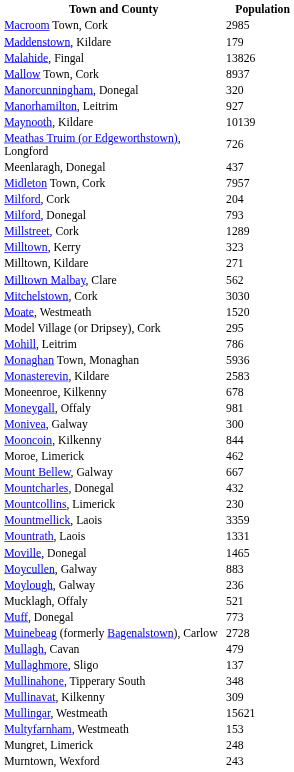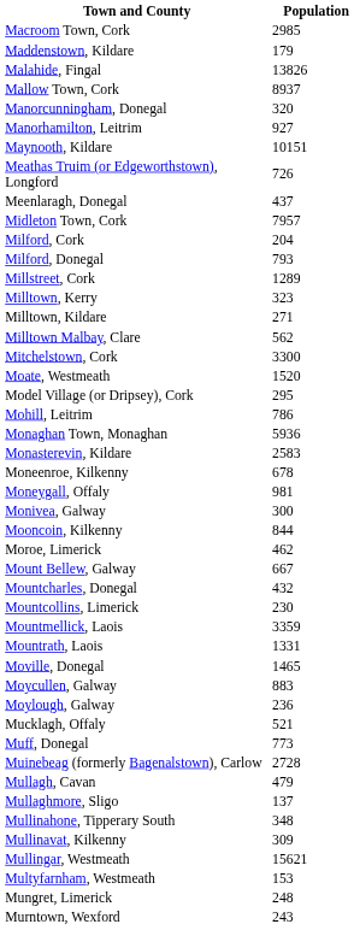 <table>
 <tr>
 <th style="width:300px;align:left;">Town and County</th>
 <th style="width:100px;align:right;">Population</th>
 </tr>
 <tr>
 <td><a href='#'>Macroom</a> Town, Cork</td>
 <td>2985</td>
 </tr>
 <tr>
 <td><a href='#'>Maddenstown</a>, Kildare</td>
 <td>179</td>
 </tr>
 <tr>
 <td><a href='#'>Malahide</a>, Fingal</td>
 <td>13826</td>
 </tr>
 <tr>
 <td><a href='#'>Mallow</a> Town, Cork</td>
 <td>8937</td>
 </tr>
 <tr>
 <td><a href='#'>Manorcunningham</a>, Donegal</td>
 <td>320</td>
 </tr>
 <tr>
 <td><a href='#'>Manorhamilton</a>, Leitrim</td>
 <td>927</td>
 </tr>
 <tr>
 <td><a href='#'>Maynooth</a>, Kildare</td>
-<td>10139</td>
+<td>10151</td>
 </tr>
 <tr>
 <td><a href='#'>Meathas Truim (or Edgeworthstown)</a>, Longford</td>
 <td>726</td>
 </tr>
 <tr>
 <td>Meenlaragh, Donegal</td>
 <td>437</td>
 </tr>
 <tr>
 <td><a href='#'>Midleton</a> Town, Cork</td>
 <td>7957</td>
 </tr>
 <tr>
 <td><a href='#'>Milford</a>, Cork</td>
 <td>204</td>
 </tr>
 <tr>
 <td><a href='#'>Milford</a>, Donegal</td>
 <td>793</td>
 </tr>
 <tr>
 <td><a href='#'>Millstreet</a>, Cork</td>
 <td>1289</td>
 </tr>
 <tr>
 <td><a href='#'>Milltown</a>, Kerry</td>
 <td>323</td>
 </tr>
 <tr>
 <td>Milltown, Kildare</td>
 <td>271</td>
 </tr>
 <tr>
 <td><a href='#'>Milltown Malbay</a>, Clare</td>
 <td>562</td>
 </tr>
 <tr>
 <td><a href='#'>Mitchelstown</a>, Cork</td>
-<td>3030</td>
+<td>3300</td>
 </tr>
 <tr>
 <td><a href='#'>Moate</a>, Westmeath</td>
 <td>1520</td>
 </tr>
 <tr>
 <td>Model Village (or Dripsey), Cork</td>
 <td>295</td>
 </tr>
 <tr>
 <td><a href='#'>Mohill</a>, Leitrim</td>
 <td>786</td>
 </tr>
 <tr>
 <td><a href='#'>Monaghan</a> Town, Monaghan</td>
 <td>5936</td>
 </tr>
 <tr>
 <td><a href='#'>Monasterevin</a>, Kildare</td>
 <td>2583</td>
 </tr>
 <tr>
 <td>Moneenroe, Kilkenny</td>
 <td>678</td>
 </tr>
 <tr>
 <td><a href='#'>Moneygall</a>, Offaly</td>
 <td>981</td>
 </tr>
 <tr>
 <td><a href='#'>Monivea</a>, Galway</td>
 <td>300</td>
 </tr>
 <tr>
 <td><a href='#'>Mooncoin</a>, Kilkenny</td>
 <td>844</td>
 </tr>
 <tr>
 <td>Moroe, Limerick</td>
 <td>462</td>
 </tr>
 <tr>
 <td><a href='#'>Mount Bellew</a>, Galway</td>
 <td>667</td>
 </tr>
 <tr>
 <td><a href='#'>Mountcharles</a>, Donegal</td>
 <td>432</td>
 </tr>
 <tr>
 <td><a href='#'>Mountcollins</a>, Limerick</td>
 <td>230</td>
 </tr>
 <tr>
 <td><a href='#'>Mountmellick</a>, Laois</td>
 <td>3359</td>
 </tr>
 <tr>
 <td><a href='#'>Mountrath</a>, Laois</td>
 <td>1331</td>
 </tr>
 <tr>
 <td><a href='#'>Moville</a>, Donegal</td>
 <td>1465</td>
 </tr>
 <tr>
 <td><a href='#'>Moycullen</a>, Galway</td>
 <td>883</td>
 </tr>
 <tr>
 <td><a href='#'>Moylough</a>, Galway</td>
 <td>236</td>
 </tr>
 <tr>
 <td>Mucklagh, Offaly</td>
 <td>521</td>
 </tr>
 <tr>
 <td><a href='#'>Muff</a>, Donegal</td>
 <td>773</td>
 </tr>
 <tr>
 <td><a href='#'>Muinebeag</a> (formerly <a href='#'>Bagenalstown</a>), Carlow</td>
 <td>2728</td>
 </tr>
 <tr>
 <td><a href='#'>Mullagh</a>, Cavan</td>
 <td>479</td>
 </tr>
 <tr>
 <td><a href='#'>Mullaghmore</a>, Sligo</td>
 <td>137</td>
 </tr>
 <tr>
 <td><a href='#'>Mullinahone</a>, Tipperary South</td>
 <td>348</td>
 </tr>
 <tr>
 <td><a href='#'>Mullinavat</a>, Kilkenny</td>
 <td>309</td>
 </tr>
 <tr>
 <td><a href='#'>Mullingar</a>, Westmeath</td>
 <td>15621</td>
 </tr>
 <tr>
 <td><a href='#'>Multyfarnham</a>, Westmeath</td>
 <td>153</td>
 </tr>
 <tr>
 <td>Mungret, Limerick</td>
 <td>248</td>
 </tr>
 <tr>
 <td>Murntown, Wexford</td>
 <td>243</td>
 </tr>
 </table>
